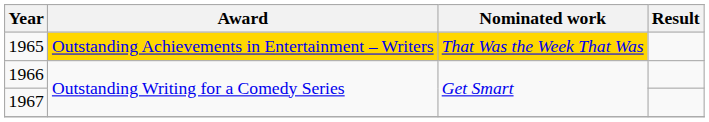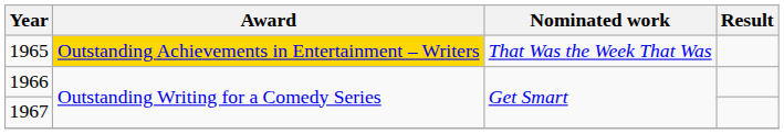 <table class="wikitable sortable">
 <tr>
 <th>Year</th>
 <th>Award</th>
 <th>Nominated work</th>
 <th>Result</th>
 </tr>
 <tr>
 <td>1965</td>
 <td style="background: gold;"><a href='#'>Outstanding Achievements in Entertainment – Writers</a></td>
-<td style="background: gold;"><em><a href='#'>That Was the Week That Was</a></em></td>
+<td><em><a href='#'>That Was the Week That Was</a></em></td>
 <td></td>
 </tr>
 <tr>
 <td>1966</td>
 <td rowspan=2><a href='#'>Outstanding Writing for a Comedy Series</a></td>
 <td rowspan=2><em><a href='#'>Get Smart</a></em></td>
 <td></td>
 </tr>
 <tr>
 <td>1967</td>
 <td></td>
 </tr>
 <tr>
 </tr>
 </table>
